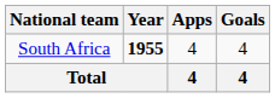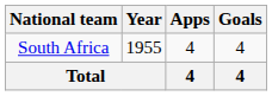 <table class=wikitable style=text-align:center>
 <tr>
 <th>National team</th>
 <th>Year</th>
 <th>Apps</th>
 <th>Goals</th>
 </tr>
 <tr>
 <td rowspan="1"><a href='#'>South Africa</a></td>
-<td><strong>1955</strong></td>
+<td>1955</td>
 <td>4</td>
 <td>4</td>
 </tr>
 <tr>
 <th colspan="2">Total</th>
 <th>4</th>
 <th>4</th>
 </tr>
 </table>
